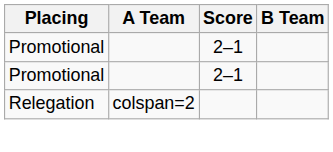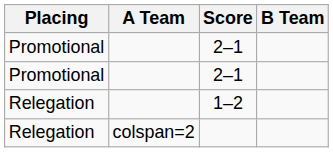 <table class=wikitable style="border:1px solid #AAAAAA;">
 <tr>
 <th>Placing</th>
 <th>A Team</th>
 <th>Score</th>
 <th>B Team</th>
 </tr>
 <tr>
 <td>Promotional</td>
 <td><strong></strong></td>
 <td align="center">2–1</td>
 <td></td>
 </tr>
 <tr>
 <td>Promotional</td>
 <td><strong></strong></td>
 <td align="center">2–1</td>
 <td></td>
 </tr>
 <tr>
 <td>Relegation</td>
+<td><em></em></td>
+<td align="center">1–2</td>
+<td><strong></strong></td>
+</tr>
+<tr>
+<td>Relegation</td>
 <td>colspan=2 </td>
 <td><em></em></td>
 </tr>
 </table>
